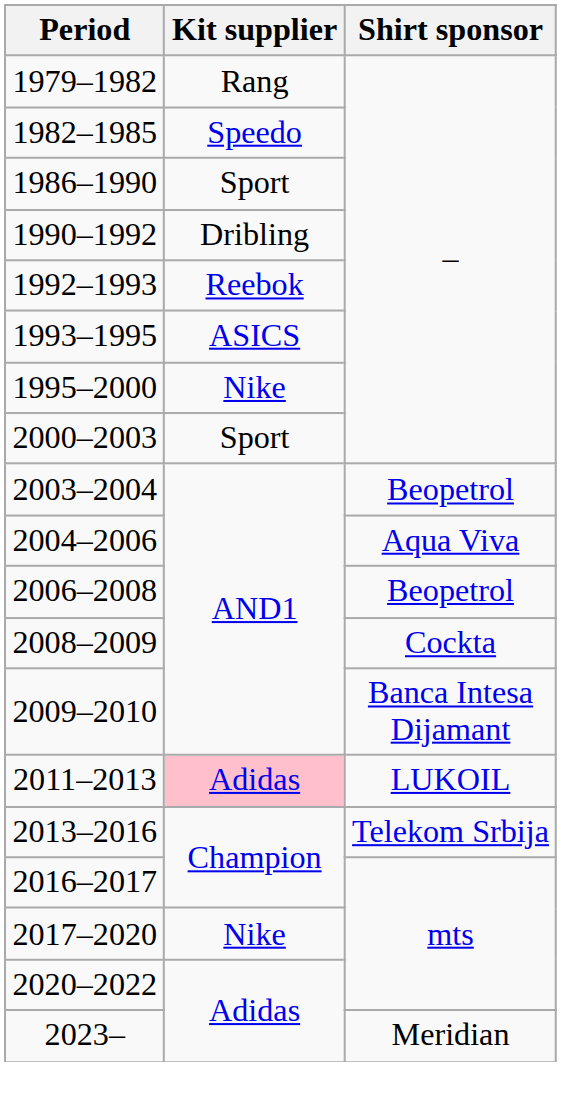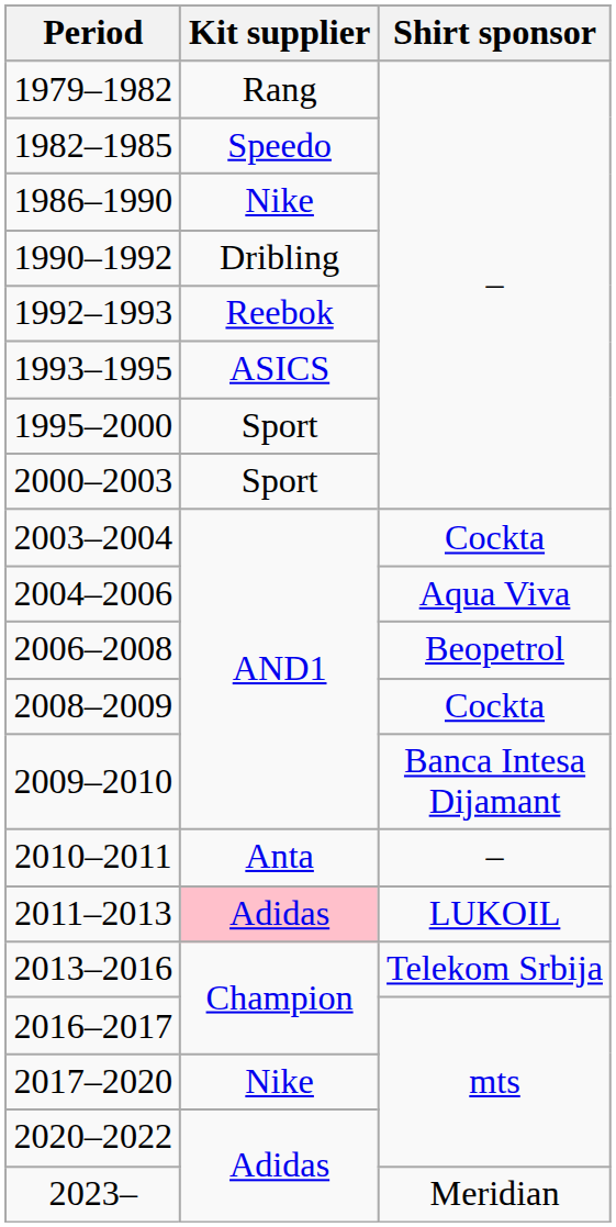 <table class="wikitable" style="text-align:center;">
 <tr>
 <th>Period</th>
 <th>Kit supplier</th>
 <th>Shirt sponsor</th>
 </tr>
 <tr>
 <td>1979–1982</td>
 <td>Rang</td>
 <td rowspan=8>–</td>
 </tr>
 <tr>
 <td>1982–1985</td>
 <td><a href='#'>Speedo</a></td>
 </tr>
 <tr>
 <td>1986–1990</td>
-<td>Sport</td>
+<td><a href='#'>Nike</a></td>
 </tr>
 <tr>
 <td>1990–1992</td>
 <td>Dribling</td>
 </tr>
 <tr>
 <td>1992–1993</td>
 <td><a href='#'>Reebok</a></td>
 </tr>
 <tr>
 <td>1993–1995</td>
 <td><a href='#'>ASICS</a></td>
 </tr>
 <tr>
 <td>1995–2000</td>
-<td><a href='#'>Nike</a></td>
+<td>Sport</td>
 </tr>
 <tr>
 <td>2000–2003</td>
 <td>Sport</td>
 </tr>
 <tr>
 <td>2003–2004</td>
 <td rowspan=5><a href='#'>AND1</a></td>
-<td><a href='#'>Beopetrol</a></td>
+<td><a href='#'>Cockta</a></td>
 </tr>
 <tr>
 <td>2004–2006</td>
 <td><a href='#'>Aqua Viva</a></td>
 </tr>
 <tr>
 <td>2006–2008</td>
 <td><a href='#'>Beopetrol</a></td>
 </tr>
 <tr>
 <td>2008–2009</td>
 <td><a href='#'>Cockta</a></td>
 </tr>
 <tr>
 <td>2009–2010</td>
 <td><a href='#'>Banca Intesa</a><br><a href='#'>Dijamant</a></td>
+</tr>
+<tr>
+<td>2010–2011</td>
+<td><a href='#'>Anta</a></td>
+<td>–</td>
 </tr>
 <tr>
 <td>2011–2013</td>
 <td style="background: pink;"><a href='#'>Adidas</a></td>
 <td><a href='#'>LUKOIL</a></td>
 </tr>
 <tr>
 <td>2013–2016</td>
 <td rowspan=2><a href='#'>Champion</a></td>
 <td><a href='#'>Telekom Srbija</a></td>
 </tr>
 <tr>
 <td>2016–2017</td>
 <td rowspan=3><a href='#'>mts</a></td>
 </tr>
 <tr>
 <td>2017–2020</td>
 <td><a href='#'>Nike</a></td>
 </tr>
 <tr>
 <td>2020–2022</td>
 <td rowspan=2><a href='#'>Adidas</a></td>
 </tr>
 <tr>
 <td>2023–</td>
 <td>Meridian</td>
 </tr>
 </table>
